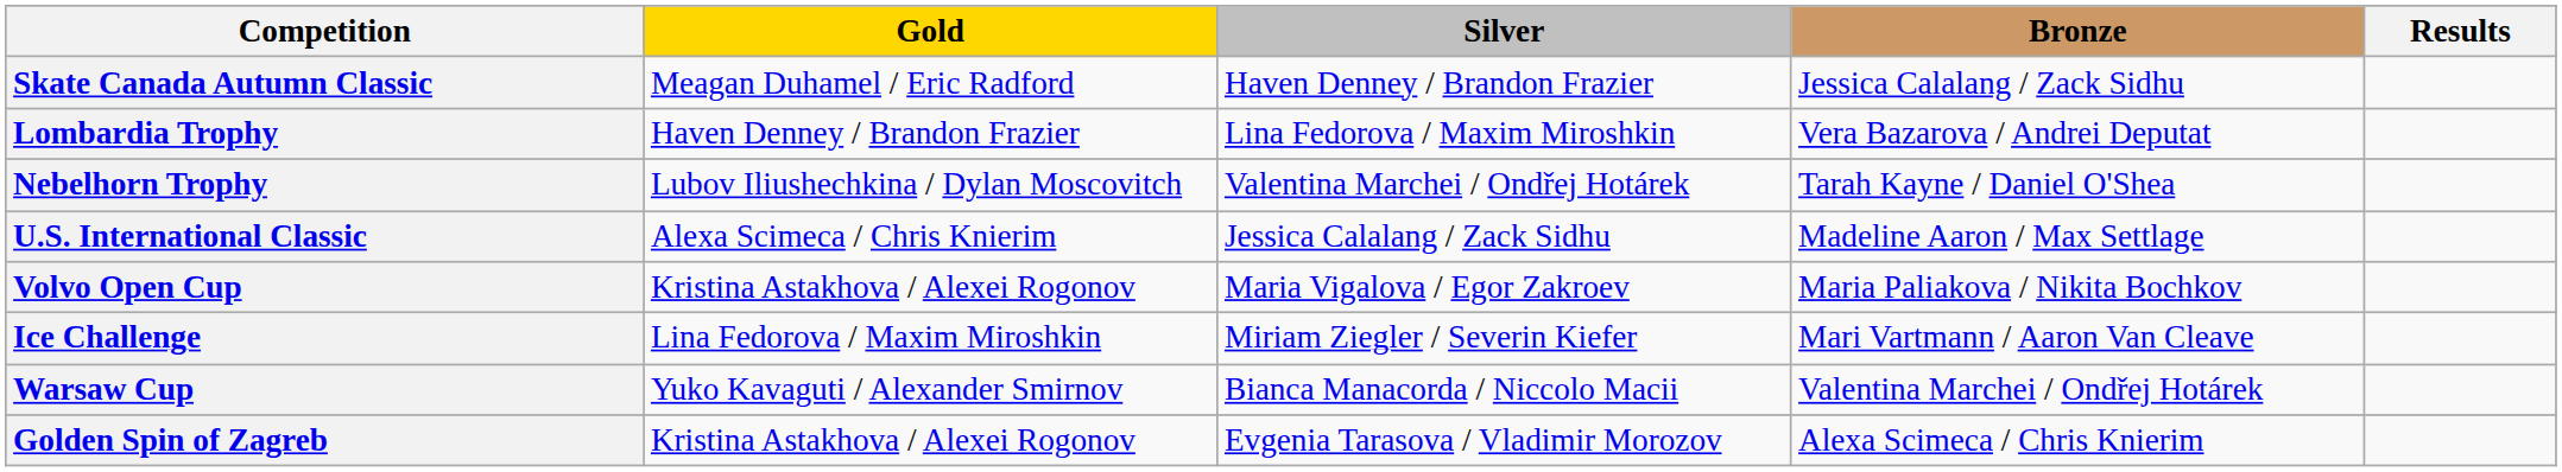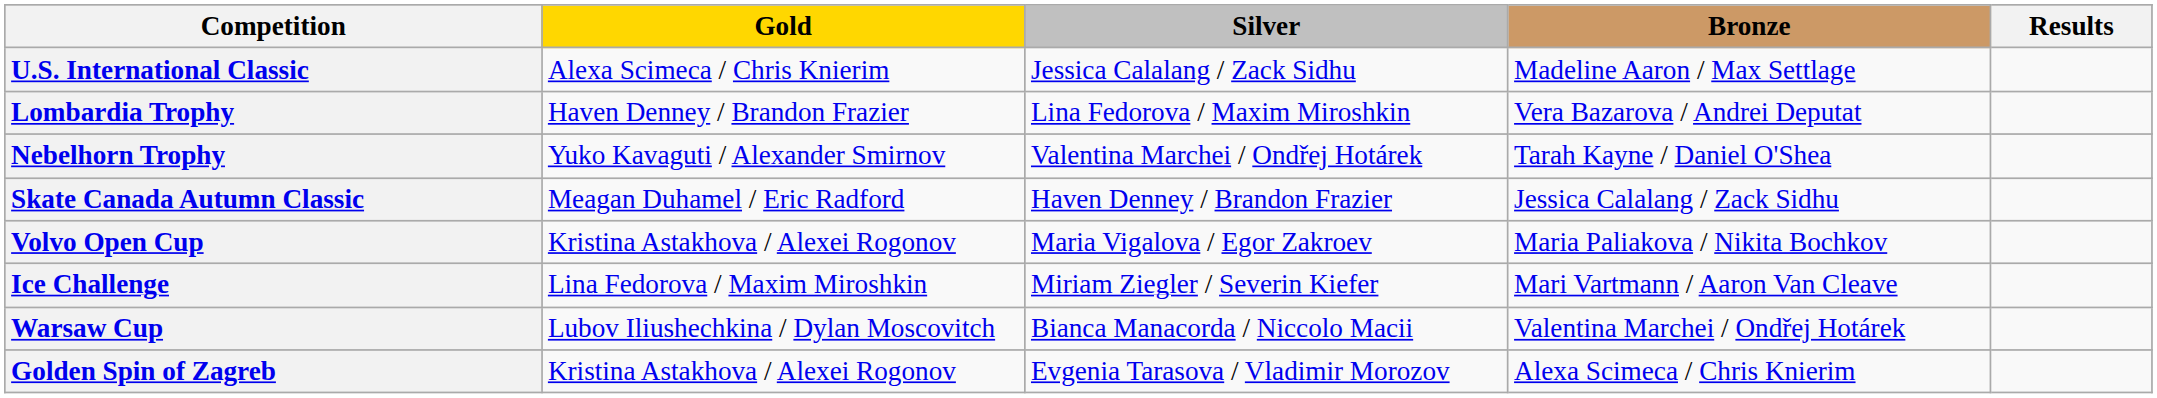 <table class="wikitable unsortable" style="text-align:left; width:100%;">
 <tr>
 <th scope="col" style="text-align:center; width:25%;">Competition</th>
 <td scope="col" style="text-align:center; width:22.5%; background:gold"><strong>Gold</strong></td>
 <td scope="col" style="text-align:center; width:22.5%; background:silver"><strong>Silver</strong></td>
 <td scope="col" style="text-align:center; width:22.5%; background:#c96"><strong>Bronze</strong></td>
 <th scope="col" style="text-align:center; width:7.5%;">Results</th>
 </tr>
 <tr>
-<th scope="row" style="text-align:left"> <a href='#'>Skate Canada Autumn Classic</a></th>
-<td> <a href='#'>Meagan Duhamel</a> / <a href='#'>Eric Radford</a></td>
-<td> <a href='#'>Haven Denney</a> / <a href='#'>Brandon Frazier</a></td>
+<th scope="row" style="text-align:left"> <a href='#'>U.S. International Classic</a></th>
+<td> <a href='#'>Alexa Scimeca</a> / <a href='#'>Chris Knierim</a></td>
 <td> <a href='#'>Jessica Calalang</a> / <a href='#'>Zack Sidhu</a></td>
+<td> <a href='#'>Madeline Aaron</a> / <a href='#'>Max Settlage</a></td>
 <td></td>
 </tr>
 <tr>
 <th scope="row" style="text-align:left"> <a href='#'>Lombardia Trophy</a></th>
 <td> <a href='#'>Haven Denney</a> / <a href='#'>Brandon Frazier</a></td>
 <td> <a href='#'>Lina Fedorova</a> / <a href='#'>Maxim Miroshkin</a></td>
 <td> <a href='#'>Vera Bazarova</a> / <a href='#'>Andrei Deputat</a></td>
 <td></td>
 </tr>
 <tr>
 <th scope="row" style="text-align:left"> <a href='#'>Nebelhorn Trophy</a></th>
-<td> <a href='#'>Lubov Iliushechkina</a> / <a href='#'>Dylan Moscovitch</a></td>
+<td> <a href='#'>Yuko Kavaguti</a> / <a href='#'>Alexander Smirnov</a></td>
 <td> <a href='#'>Valentina Marchei</a> / <a href='#'>Ondřej Hotárek</a></td>
 <td> <a href='#'>Tarah Kayne</a> / <a href='#'>Daniel O'Shea</a></td>
 <td></td>
 </tr>
 <tr>
-<th scope="row" style="text-align:left"> <a href='#'>U.S. International Classic</a></th>
-<td> <a href='#'>Alexa Scimeca</a> / <a href='#'>Chris Knierim</a></td>
+<th scope="row" style="text-align:left"> <a href='#'>Skate Canada Autumn Classic</a></th>
+<td> <a href='#'>Meagan Duhamel</a> / <a href='#'>Eric Radford</a></td>
+<td> <a href='#'>Haven Denney</a> / <a href='#'>Brandon Frazier</a></td>
 <td> <a href='#'>Jessica Calalang</a> / <a href='#'>Zack Sidhu</a></td>
-<td> <a href='#'>Madeline Aaron</a> / <a href='#'>Max Settlage</a></td>
 <td></td>
 </tr>
 <tr>
 <th scope="row" style="text-align:left"> <a href='#'>Volvo Open Cup</a></th>
 <td> <a href='#'>Kristina Astakhova</a> / <a href='#'>Alexei Rogonov</a></td>
 <td> <a href='#'>Maria Vigalova</a> / <a href='#'>Egor Zakroev</a></td>
 <td> <a href='#'>Maria Paliakova</a> / <a href='#'>Nikita Bochkov</a></td>
 <td></td>
 </tr>
 <tr>
 <th scope="row" style="text-align:left"> <a href='#'>Ice Challenge</a></th>
 <td> <a href='#'>Lina Fedorova</a> / <a href='#'>Maxim Miroshkin</a></td>
 <td> <a href='#'>Miriam Ziegler</a> / <a href='#'>Severin Kiefer</a></td>
 <td> <a href='#'>Mari Vartmann</a> / <a href='#'>Aaron Van Cleave</a></td>
 <td></td>
 </tr>
 <tr>
 <th scope="row" style="text-align:left"> <a href='#'>Warsaw Cup</a></th>
-<td> <a href='#'>Yuko Kavaguti</a> / <a href='#'>Alexander Smirnov</a></td>
+<td> <a href='#'>Lubov Iliushechkina</a> / <a href='#'>Dylan Moscovitch</a></td>
 <td> <a href='#'>Bianca Manacorda</a> / <a href='#'>Niccolo Macii</a></td>
 <td> <a href='#'>Valentina Marchei</a> / <a href='#'>Ondřej Hotárek</a></td>
 <td></td>
 </tr>
 <tr>
 <th scope="row" style="text-align:left"> <a href='#'>Golden Spin of Zagreb</a></th>
 <td> <a href='#'>Kristina Astakhova</a> / <a href='#'>Alexei Rogonov</a></td>
 <td> <a href='#'>Evgenia Tarasova</a> / <a href='#'>Vladimir Morozov</a></td>
 <td> <a href='#'>Alexa Scimeca</a> / <a href='#'>Chris Knierim</a></td>
 <td></td>
 </tr>
 </table>
